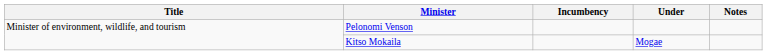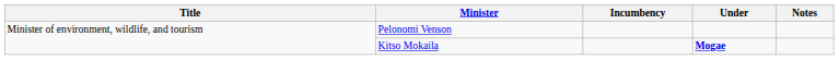 <table class="wikitable" style="width:100%;">
 <tr>
 <th>Title</th>
 <th style="width:25%;"><a href='#'>Minister</a></th>
 <th style="width:160px;">Incumbency</th>
 <th style="width:10%;">Under</th>
 <th style="width:7%;">Notes</th>
 </tr>
 <tr>
 <td rowspan="2" style="vertical-align:top;">Minister of environment, wildlife, and tourism</td>
 <td><a href='#'>Pelonomi Venson</a></td>
 <td></td>
 <td></td>
 <td></td>
 </tr>
 <tr>
 <td><a href='#'>Kitso Mokaila</a></td>
 <td></td>
-<td><a href='#'>Mogae</a></td>
+<td><strong><a href='#'>Mogae</a></strong></td>
 <td></td>
 </tr>
 </table>
